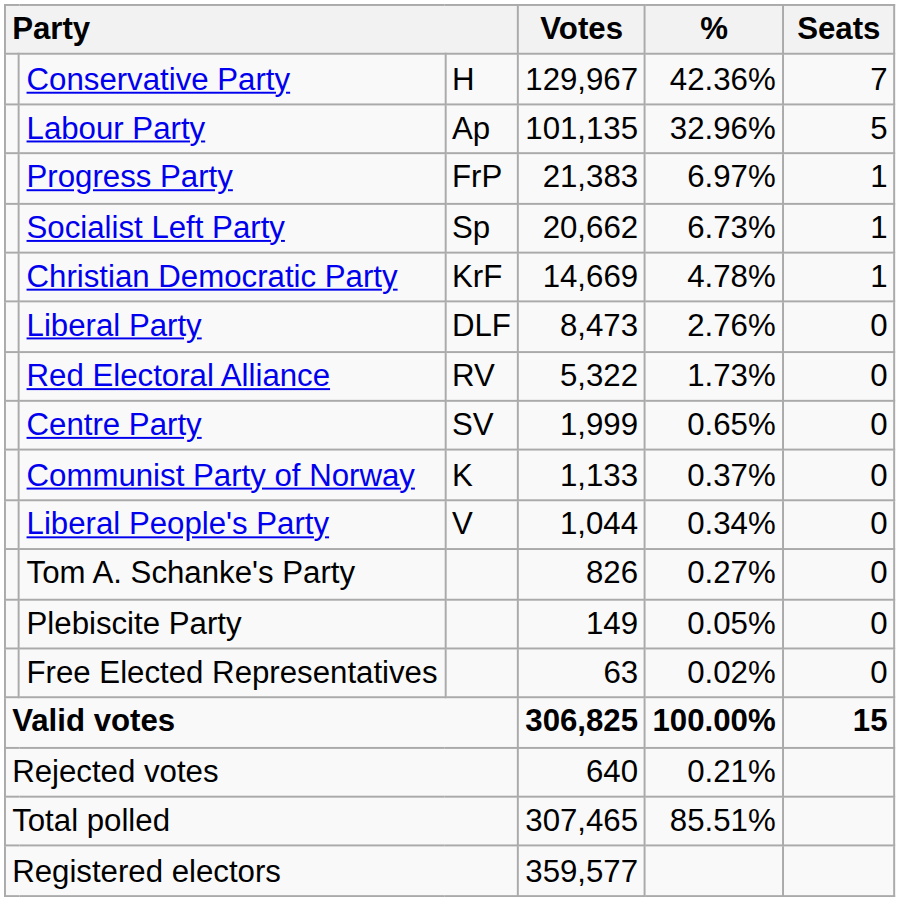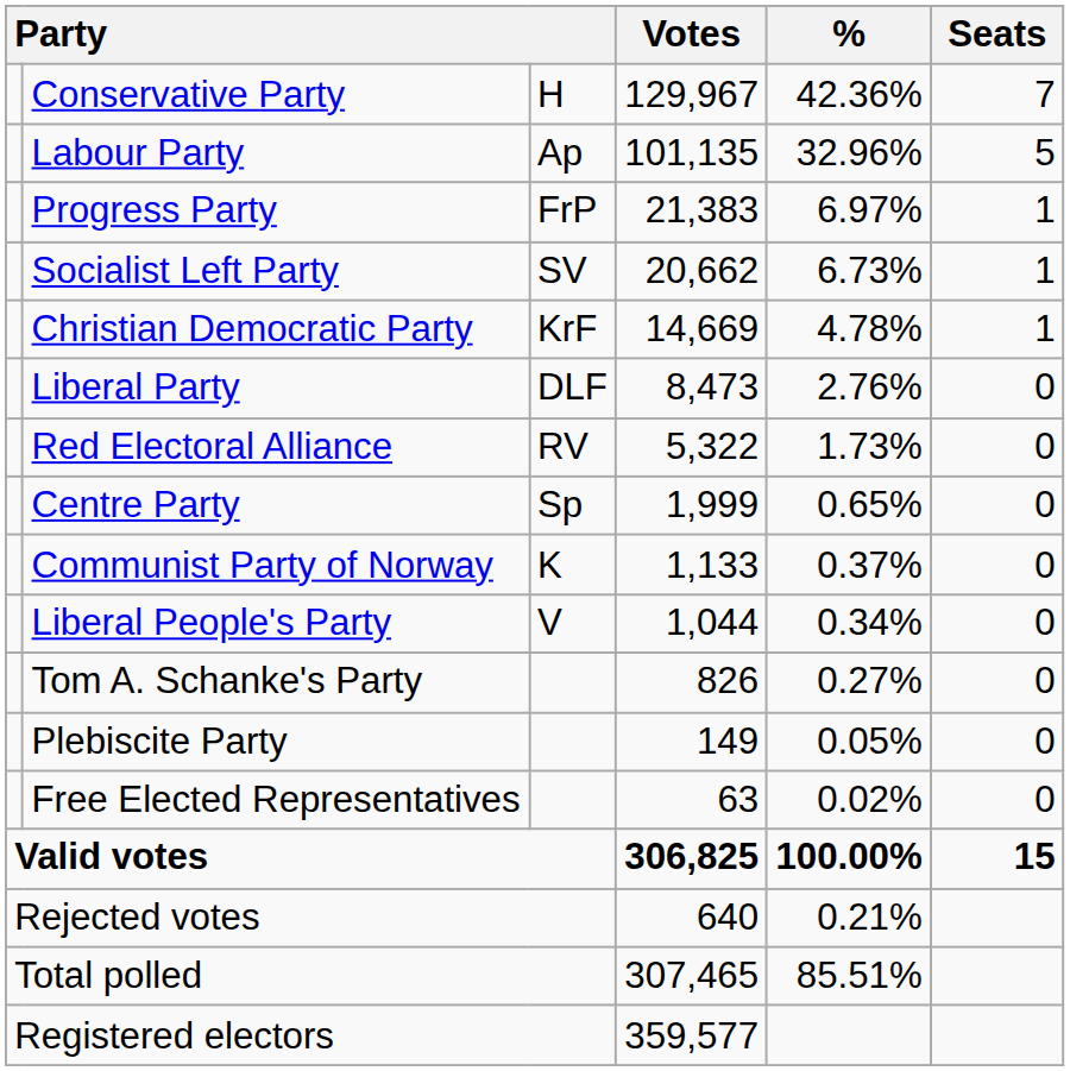 <table class="wikitable" border="1" style="text-align:right;">
 <tr>
 <th style="text-align:left;" colspan=3>Party</th>
 <th align=center width="50">Votes</th>
 <th align=center width="50">%</th>
 <th align=center width="50">Seats</th>
 </tr>
 <tr>
 <td style="color:inherit;background:"></td>
 <td align=left><a href='#'>Conservative Party</a></td>
 <td align=left>H</td>
 <td>129,967</td>
 <td>42.36%</td>
 <td>7</td>
 </tr>
 <tr>
 <td style="color:inherit;background:"></td>
 <td align=left><a href='#'>Labour Party</a></td>
 <td align=left>Ap</td>
 <td>101,135</td>
 <td>32.96%</td>
 <td>5</td>
 </tr>
 <tr>
 <td style="color:inherit;background:"></td>
 <td align=left><a href='#'>Progress Party</a></td>
 <td align=left>FrP</td>
 <td>21,383</td>
 <td>6.97%</td>
 <td>1</td>
 </tr>
 <tr>
 <td style="color:inherit;background:"></td>
 <td align=left><a href='#'>Socialist Left Party</a></td>
-<td align=left>Sp</td>
+<td align=left>SV</td>
 <td>20,662</td>
 <td>6.73%</td>
 <td>1</td>
 </tr>
 <tr>
 <td style="color:inherit;background:"></td>
 <td align=left><a href='#'>Christian Democratic Party</a></td>
 <td align=left>KrF</td>
 <td>14,669</td>
 <td>4.78%</td>
 <td>1</td>
 </tr>
 <tr>
 <td style="color:inherit;background:"></td>
 <td align=left><a href='#'>Liberal Party</a></td>
 <td align=left>DLF</td>
 <td>8,473</td>
 <td>2.76%</td>
 <td>0</td>
 </tr>
 <tr>
 <td style="color:inherit;background:"></td>
 <td align=left><a href='#'>Red Electoral Alliance</a></td>
 <td align=left>RV</td>
 <td>5,322</td>
 <td>1.73%</td>
 <td>0</td>
 </tr>
 <tr>
 <td style="color:inherit;background:"></td>
 <td align=left><a href='#'>Centre Party</a></td>
-<td align=left>SV</td>
+<td align=left>Sp</td>
 <td>1,999</td>
 <td>0.65%</td>
 <td>0</td>
 </tr>
 <tr>
 <td style="color:inherit;background:"></td>
 <td align=left><a href='#'>Communist Party of Norway</a></td>
 <td align=left>K</td>
 <td>1,133</td>
 <td>0.37%</td>
 <td>0</td>
 </tr>
 <tr>
 <td style="color:inherit;background:"></td>
 <td align=left><a href='#'>Liberal People's Party</a></td>
 <td align=left>V</td>
 <td>1,044</td>
 <td>0.34%</td>
 <td>0</td>
 </tr>
 <tr>
 <td></td>
 <td align=left>Tom A. Schanke's Party</td>
 <td align=left></td>
 <td>826</td>
 <td>0.27%</td>
 <td>0</td>
 </tr>
 <tr>
 <td></td>
 <td align=left>Plebiscite Party</td>
 <td align=left></td>
 <td>149</td>
 <td>0.05%</td>
 <td>0</td>
 </tr>
 <tr>
 <td></td>
 <td align=left>Free Elected Representatives</td>
 <td align=left></td>
 <td>63</td>
 <td>0.02%</td>
 <td>0</td>
 </tr>
 <tr style="font-weight:bold">
 <td align=left colspan=3>Valid votes</td>
 <td>306,825</td>
 <td>100.00%</td>
 <td>15</td>
 </tr>
 <tr>
 <td align=left colspan=3>Rejected votes</td>
 <td>640</td>
 <td>0.21%</td>
 <td></td>
 </tr>
 <tr>
 <td align=left colspan=3>Total polled</td>
 <td>307,465</td>
 <td>85.51%</td>
 <td></td>
 </tr>
 <tr>
 <td align=left colspan=3>Registered electors</td>
 <td>359,577</td>
 <td></td>
 <td></td>
 </tr>
 </table>
